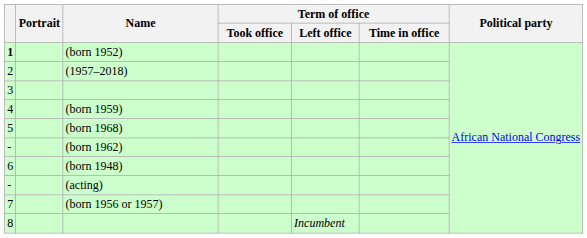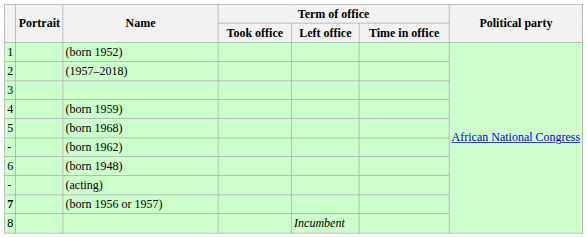 <table class="wikitable sortable">
 <tr>
 <th rowspan="2"></th>
 <th rowspan="2">Portrait</th>
 <th rowspan="2" width="200px">Name<br></th>
 <th colspan="3" width="300px">Term of office</th>
 <th rowspan="2">Political party</th>
 </tr>
 <tr>
 <th>Took office</th>
 <th>Left office</th>
 <th>Time in office</th>
 </tr>
 <tr bgcolor=#CCFFCC>
-<td><strong>1</strong></td>
+<td>1</td>
 <td></td>
 <td> (born 1952)</td>
 <td></td>
 <td></td>
 <td></td>
 <td rowspan=10><a href='#'>African National Congress</a></td>
 </tr>
 <tr bgcolor=#CCFFCC>
 <td>2</td>
 <td></td>
 <td> (1957–2018)</td>
 <td></td>
 <td></td>
 <td></td>
 </tr>
 <tr bgcolor=#CCFFCC>
 <td>3</td>
 <td></td>
 <td></td>
 <td></td>
 <td></td>
 <td></td>
 </tr>
 <tr bgcolor=#CCFFCC>
 <td>4</td>
 <td></td>
 <td> (born 1959)</td>
 <td></td>
 <td></td>
 <td></td>
 </tr>
 <tr bgcolor=#CCFFCC>
 <td>5</td>
 <td></td>
 <td> (born 1968)</td>
 <td></td>
 <td></td>
 <td></td>
 </tr>
 <tr bgcolor=#CCFFCC>
 <td>-</td>
 <td></td>
 <td> (born 1962)</td>
 <td></td>
 <td></td>
 <td></td>
 </tr>
 <tr bgcolor=#CCFFCC>
 <td>6</td>
 <td></td>
 <td> (born 1948)</td>
 <td></td>
 <td></td>
 <td></td>
 </tr>
 <tr bgcolor=#CCFFCC>
 <td>-</td>
 <td></td>
 <td> (acting)</td>
 <td></td>
 <td></td>
 <td></td>
 </tr>
 <tr bgcolor=#CCFFCC>
-<td>7</td>
+<td><strong>7</strong></td>
 <td></td>
 <td> (born 1956 or 1957)</td>
 <td></td>
 <td></td>
 <td></td>
 </tr>
 <tr bgcolor=#CCFFCC>
 <td>8</td>
 <td></td>
 <td></td>
 <td></td>
 <td><em>Incumbent</em></td>
 <td></td>
 </tr>
 </table>
